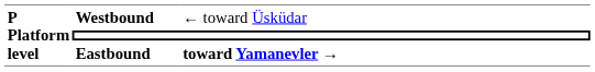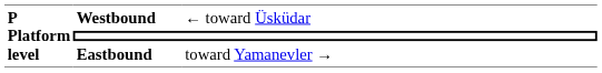 <table table border=0 cellspacing=0 cellpadding=3>
 <tr>
 <td style="border-top:solid 1px gray;border-bottom:solid 1px gray;" width=50 rowspan=3 valign=top><strong>P<br>Platform level</strong></td>
 <td style="border-top:solid 1px gray;" width=100><strong>Westbound</strong></td>
 <td style="border-top:solid 1px gray;" width=400>←  toward <a href='#'>Üsküdar</a></td>
 </tr>
 <tr>
 <td style="border-top:solid 2px black;border-right:solid 2px black;border-left:solid 2px black;border-bottom:solid 2px black;text-align:center;" colspan=2></td>
 </tr>
 <tr>
 <td style="border-bottom:solid 1px gray;"><strong>Eastbound</strong></td>
-<td style="border-bottom:solid 1px gray;"><strong> toward <a href='#'>Yamanevler</a> →</strong></td>
+<td style="border-bottom:solid 1px gray;"> toward <a href='#'>Yamanevler</a> →</td>
 </tr>
 </table>
